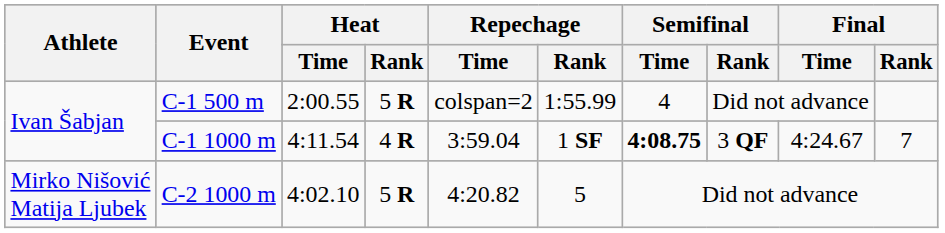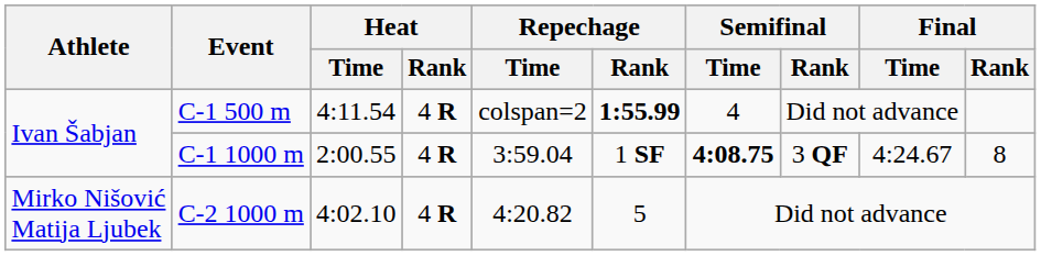 <table class=wikitable style=font-size:90%;text-align:center>
 <tr>
 <th rowspan=2>Athlete</th>
 <th rowspan=2>Event</th>
 <th colspan=2>Heat</th>
 <th colspan=2>Repechage</th>
 <th colspan=2>Semifinal</th>
 <th colspan=2>Final</th>
 </tr>
 <tr style=font-size:95%>
 <th>Time</th>
 <th>Rank</th>
 <th>Time</th>
 <th>Rank</th>
 <th>Time</th>
 <th>Rank</th>
 <th>Time</th>
 <th>Rank</th>
 </tr>
 <tr>
 <td align=left rowspan=2><a href='#'>Ivan Šabjan</a></td>
 <td align=left><a href='#'>C-1 500 m</a></td>
-<td>2:00.55</td>
-<td>5 <strong>R</strong></td>
+<td>4:11.54</td>
+<td>4 <strong>R</strong></td>
 <td>colspan=2 </td>
-<td>1:55.99</td>
+<td><strong>1:55.99</strong></td>
 <td>4</td>
 <td colspan=2>Did not advance</td>
 </tr>
 <tr>
 <td align=left><a href='#'>C-1 1000 m</a></td>
-<td>4:11.54</td>
+<td>2:00.55</td>
 <td>4 <strong>R</strong></td>
 <td>3:59.04</td>
 <td>1 <strong>SF</strong></td>
 <td><strong>4:08.75</strong></td>
 <td>3 <strong>QF</strong></td>
 <td>4:24.67</td>
-<td>7</td>
+<td>8</td>
 </tr>
 <tr>
 <td align=left><a href='#'>Mirko Nišović</a><br><a href='#'>Matija Ljubek</a></td>
 <td align=left><a href='#'>C-2 1000 m</a></td>
 <td>4:02.10</td>
-<td>5 <strong>R</strong></td>
+<td>4 <strong>R</strong></td>
 <td>4:20.82</td>
 <td>5</td>
 <td colspan=4>Did not advance</td>
 </tr>
 </table>
